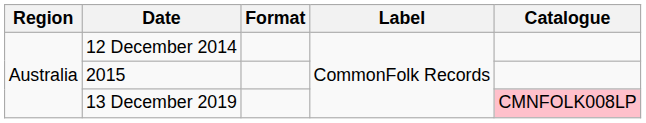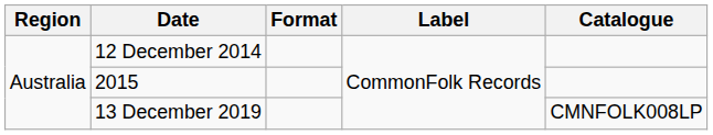 <table class="wikitable plainrowheaders">
 <tr>
 <th scope="col">Region</th>
 <th scope="col">Date</th>
 <th scope="col">Format</th>
 <th scope="col">Label</th>
 <th scope="col">Catalogue</th>
 </tr>
 <tr>
 <td scope="row" rowspan="3">Australia</td>
 <td>12 December 2014</td>
 <td></td>
 <td scope="row" rowspan="3">CommonFolk Records</td>
 <td></td>
 </tr>
 <tr>
 <td>2015</td>
 <td></td>
 <td></td>
 </tr>
 <tr>
 <td>13 December 2019</td>
 <td></td>
-<td style="background: pink;">CMNFOLK008LP</td>
+<td>CMNFOLK008LP</td>
 </tr>
 </table>
